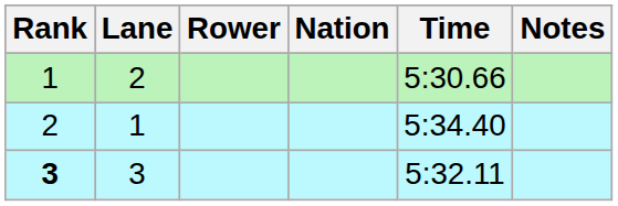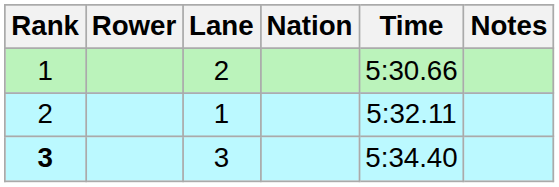 <table class="wikitable sortable" style="text-align:center">
 <tr>
 <th>Rank</th>
+<th>Rower</th>
 <th>Lane</th>
-<th>Rower</th>
 <th>Nation</th>
 <th>Time</th>
 <th>Notes</th>
 </tr>
 <tr bgcolor=bbf3bb>
 <td>1</td>
+<td></td>
 <td>2</td>
-<td></td>
 <td align=left></td>
 <td>5:30.66</td>
 <td></td>
 </tr>
 <tr bgcolor=bbf9ff>
 <td>2</td>
+<td></td>
 <td>1</td>
+<td align=left></td>
+<td>5:32.11</td>
 <td></td>
+</tr>
+<tr bgcolor=bbf9ff>
+<td><strong>3</strong></td>
+<td></td>
+<td>3</td>
 <td align=left></td>
 <td>5:34.40</td>
 <td></td>
 </tr>
-<tr bgcolor=bbf9ff>
-<td><strong>3</strong></td>
-<td>3</td>
-<td></td>
-<td align=left></td>
-<td>5:32.11</td>
-<td></td>
-</tr>
 </table>
